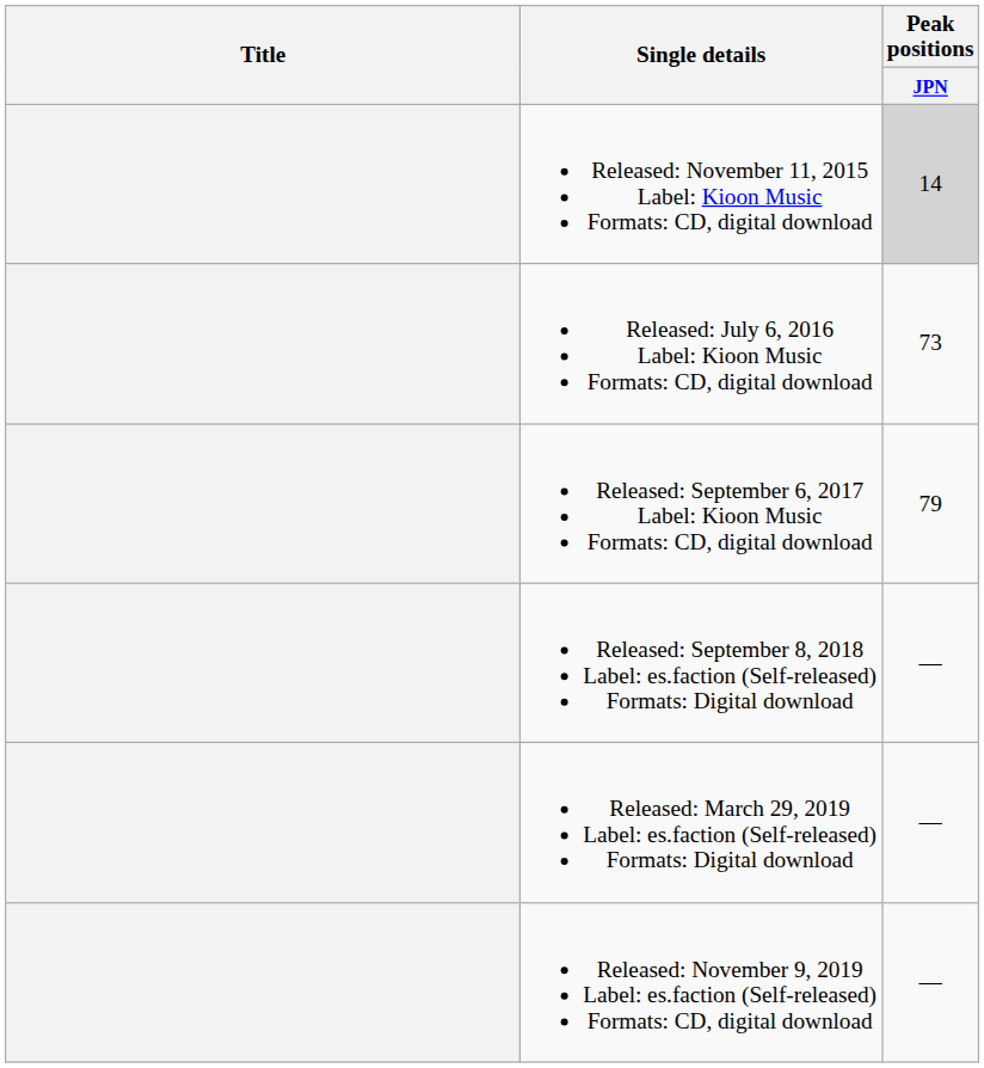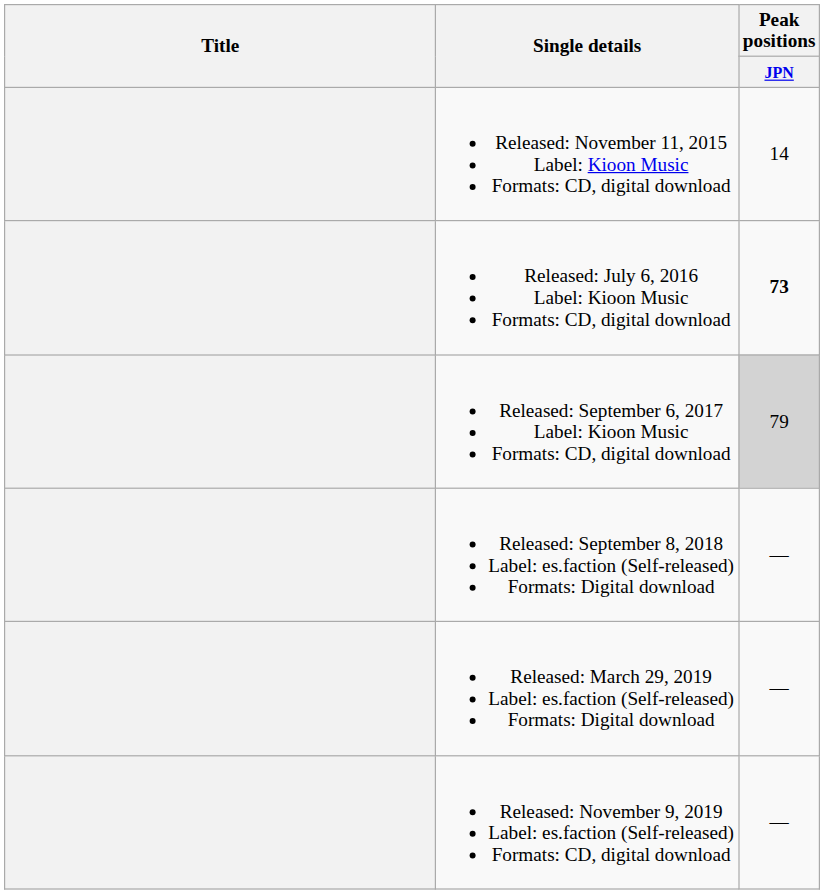 <table class="wikitable plainrowheaders" style="text-align:center;">
 <tr>
 <th rowspan="2" style="width:22em;">Title</th>
 <th rowspan="2">Single details</th>
 <th colspan="1">Peak positions</th>
 </tr>
 <tr>
 <th style="width:2.5em;"><small><a href='#'>JPN</a></small><br></th>
 </tr>
 <tr>
 <th scope="row"></th>
 <td><br><ul><li>Released: November 11, 2015 </li><li>Label: <a href='#'>Kioon Music</a></li><li>Formats: CD, digital download</li></ul></td>
-<td style="background: lightgrey;">14</td>
+<td>14</td>
 </tr>
 <tr>
 <th scope="row"></th>
 <td><br><ul><li>Released: July 6, 2016 </li><li>Label: Kioon Music</li><li>Formats: CD, digital download</li></ul></td>
-<td>73</td>
+<td><strong>73</strong></td>
 </tr>
 <tr>
 <th scope="row"></th>
 <td><br><ul><li>Released: September 6, 2017 </li><li>Label: Kioon Music</li><li>Formats: CD, digital download</li></ul></td>
-<td>79</td>
+<td style="background: lightgrey;">79</td>
 </tr>
 <tr>
 <th scope="row"></th>
 <td><br><ul><li>Released: September 8, 2018 </li><li>Label: es.faction (Self-released)</li><li>Formats: Digital download</li></ul></td>
 <td>—</td>
 </tr>
 <tr>
 <th scope="row"></th>
 <td><br><ul><li>Released: March 29, 2019 </li><li>Label: es.faction (Self-released)</li><li>Formats: Digital download</li></ul></td>
 <td>—</td>
 </tr>
 <tr>
 <th scope="row"></th>
 <td><br><ul><li>Released: November 9, 2019 </li><li>Label: es.faction (Self-released)</li><li>Formats: CD, digital download</li></ul></td>
 <td>—</td>
 </tr>
 </table>
